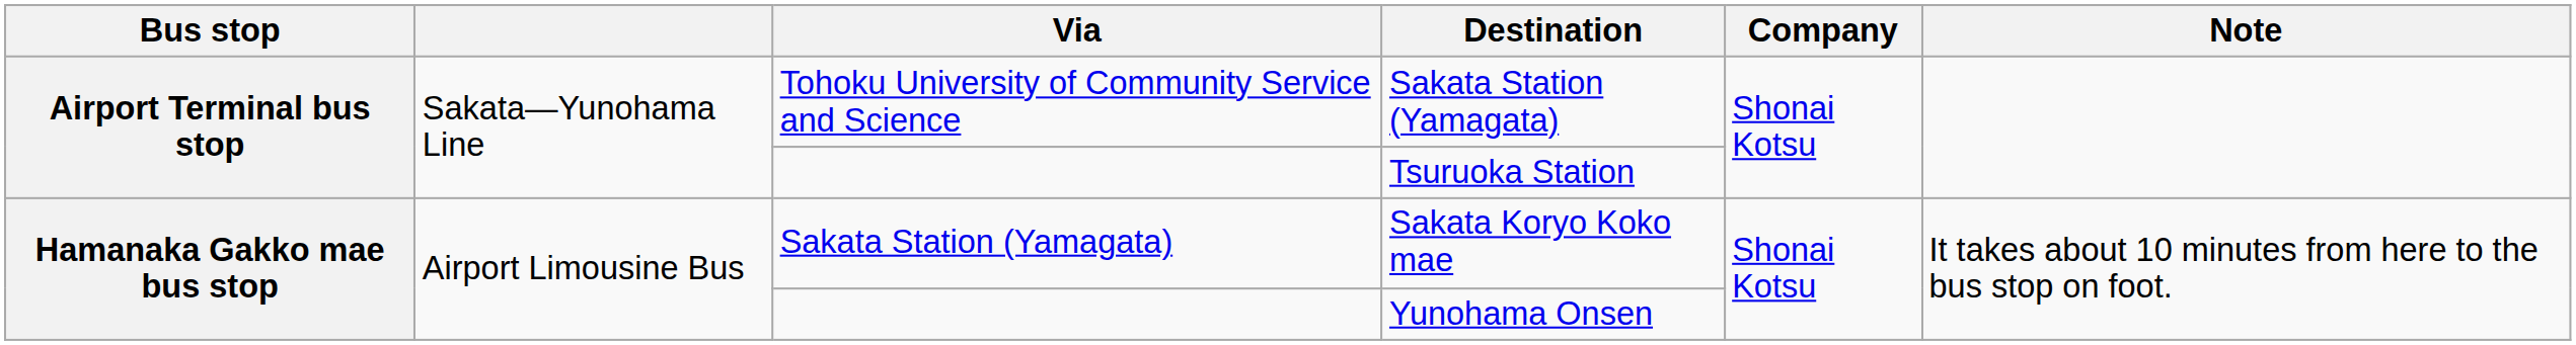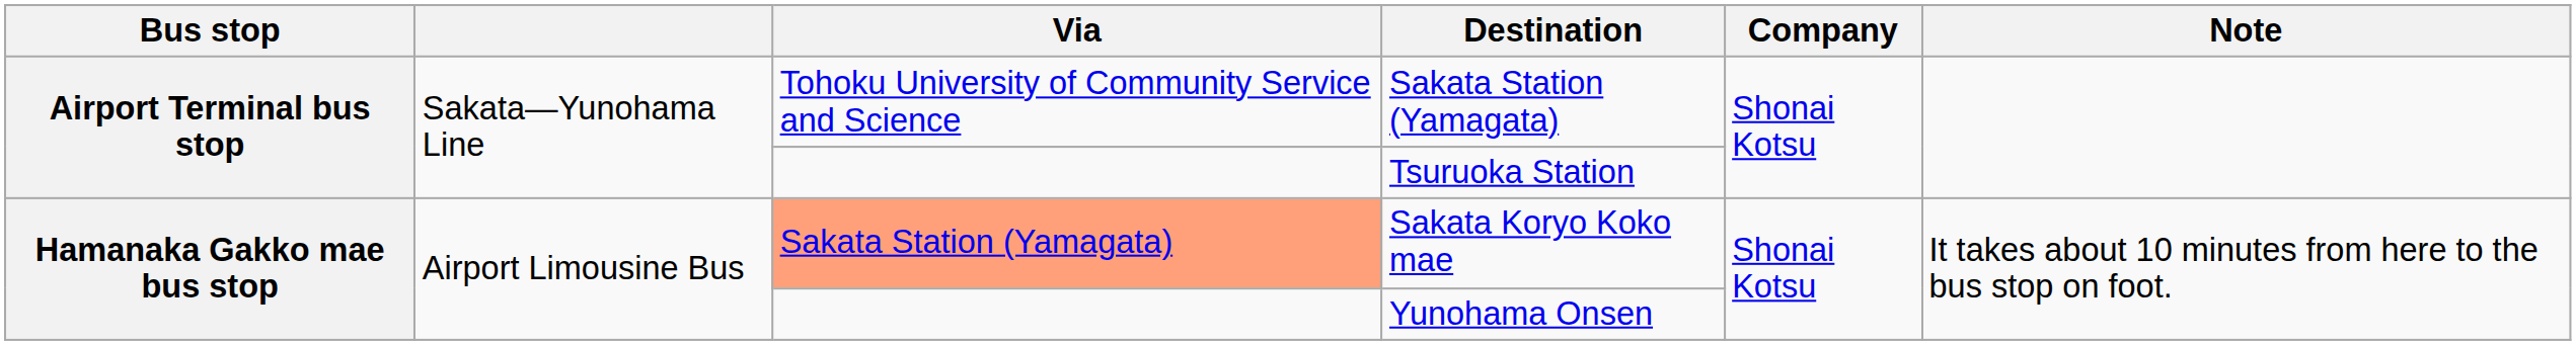 <table class="wikitable plainrowheaders">
 <tr>
 <th scope="col">Bus stop</th>
 <th scope="col"></th>
 <th scope="col">Via</th>
 <th scope="col">Destination</th>
 <th scope="col">Company</th>
 <th scope="col">Note</th>
 </tr>
 <tr>
 <th scope="row" rowspan=2>Airport Terminal bus stop</th>
 <td rowspan=2>Sakata―Yunohama Line</td>
 <td><a href='#'>Tohoku University of Community Service and Science</a></td>
 <td><a href='#'>Sakata Station (Yamagata)</a></td>
 <td rowspan=2><a href='#'>Shonai Kotsu</a></td>
 <td rowspan=2></td>
 </tr>
 <tr>
 <td></td>
 <td><a href='#'>Tsuruoka Station</a></td>
 </tr>
 <tr>
 <th scope="row" rowspan=2>Hamanaka Gakko mae bus stop</th>
 <td rowspan=2>Airport Limousine Bus</td>
-<td><a href='#'>Sakata Station (Yamagata)</a></td>
+<td style="background: lightsalmon;"><a href='#'>Sakata Station (Yamagata)</a></td>
 <td><a href='#'>Sakata Koryo Koko mae</a></td>
 <td rowspan=2><a href='#'>Shonai Kotsu</a></td>
 <td rowspan=2>It takes about 10 minutes from here to the bus stop on foot.</td>
 </tr>
 <tr>
 <td></td>
 <td><a href='#'>Yunohama Onsen</a></td>
 </tr>
 </table>
